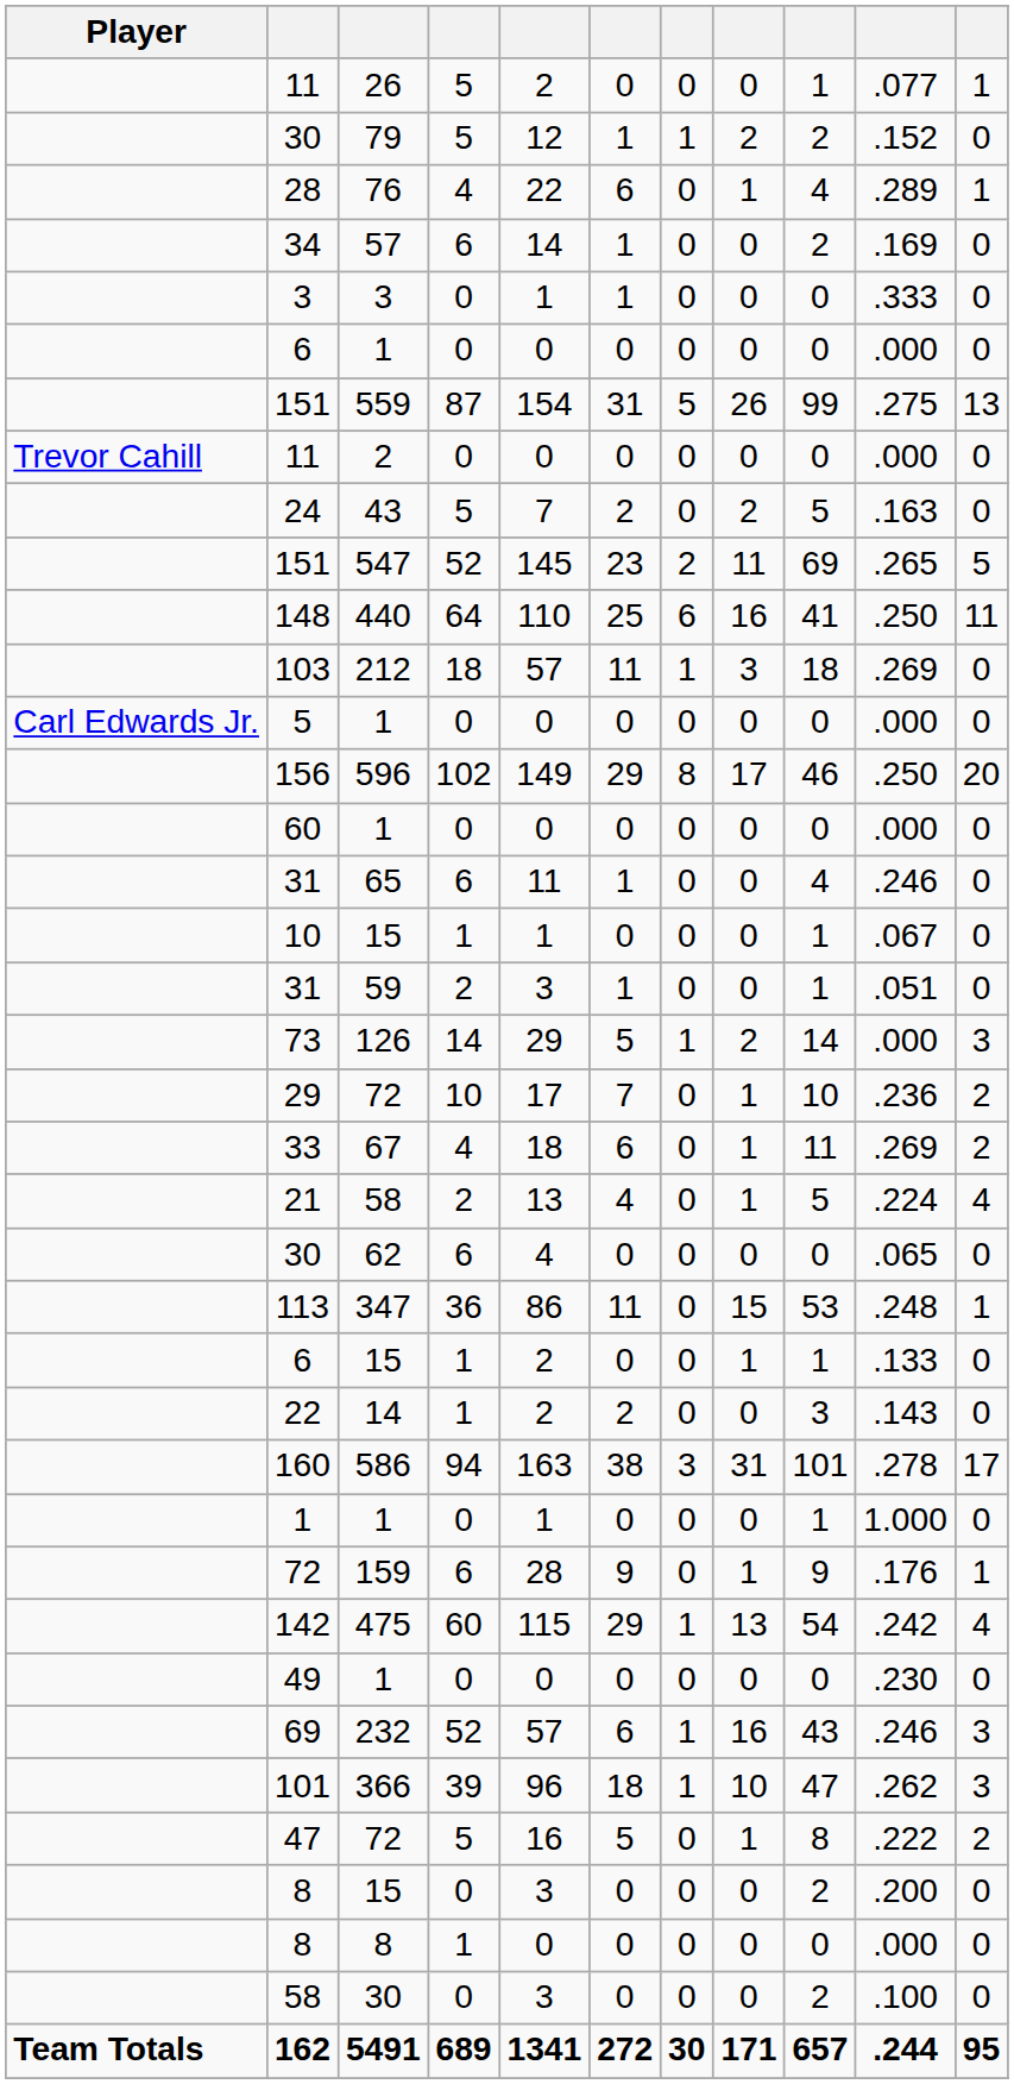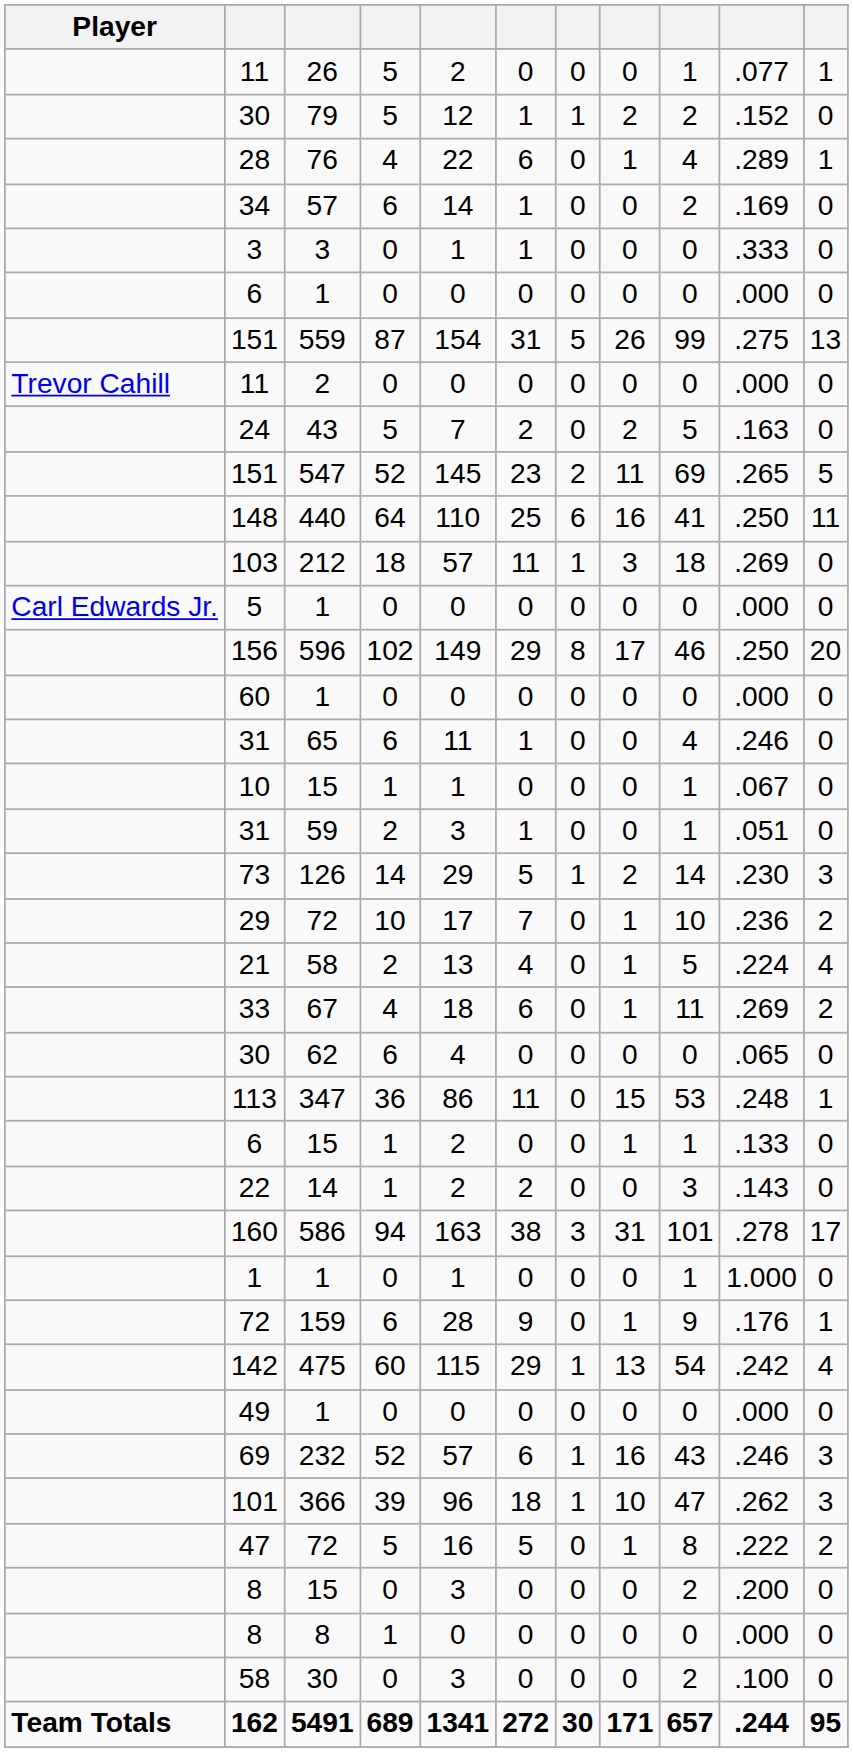 <table class="wikitable sortable" style="text-align:center;">
 <tr>
 <th>Player</th>
 <th></th>
 <th></th>
 <th></th>
 <th></th>
 <th></th>
 <th></th>
 <th></th>
 <th></th>
 <th></th>
 <th></th>
 </tr>
 <tr>
 <td align=left></td>
 <td>11</td>
 <td>26</td>
 <td>5</td>
 <td>2</td>
 <td>0</td>
 <td>0</td>
 <td>0</td>
 <td>1</td>
 <td>.077</td>
 <td>1</td>
 </tr>
 <tr>
 <td align=left></td>
 <td>30</td>
 <td>79</td>
 <td>5</td>
 <td>12</td>
 <td>1</td>
 <td>1</td>
 <td>2</td>
 <td>2</td>
 <td>.152</td>
 <td>0</td>
 </tr>
 <tr>
 <td align=left></td>
 <td>28</td>
 <td>76</td>
 <td>4</td>
 <td>22</td>
 <td>6</td>
 <td>0</td>
 <td>1</td>
 <td>4</td>
 <td>.289</td>
 <td>1</td>
 </tr>
 <tr>
 <td align=left></td>
 <td>34</td>
 <td>57</td>
 <td>6</td>
 <td>14</td>
 <td>1</td>
 <td>0</td>
 <td>0</td>
 <td>2</td>
 <td>.169</td>
 <td>0</td>
 </tr>
 <tr>
 <td align=left></td>
 <td>3</td>
 <td>3</td>
 <td>0</td>
 <td>1</td>
 <td>1</td>
 <td>0</td>
 <td>0</td>
 <td>0</td>
 <td>.333</td>
 <td>0</td>
 </tr>
 <tr>
 <td align=left></td>
 <td>6</td>
 <td>1</td>
 <td>0</td>
 <td>0</td>
 <td>0</td>
 <td>0</td>
 <td>0</td>
 <td>0</td>
 <td>.000</td>
 <td>0</td>
 </tr>
 <tr>
 <td align=left></td>
 <td>151</td>
 <td>559</td>
 <td>87</td>
 <td>154</td>
 <td>31</td>
 <td>5</td>
 <td>26</td>
 <td>99</td>
 <td>.275</td>
 <td>13</td>
 </tr>
 <tr>
 <td align=left><a href='#'>Trevor Cahill</a></td>
 <td>11</td>
 <td>2</td>
 <td>0</td>
 <td>0</td>
 <td>0</td>
 <td>0</td>
 <td>0</td>
 <td>0</td>
 <td>.000</td>
 <td>0</td>
 </tr>
 <tr>
 <td align=left></td>
 <td>24</td>
 <td>43</td>
 <td>5</td>
 <td>7</td>
 <td>2</td>
 <td>0</td>
 <td>2</td>
 <td>5</td>
 <td>.163</td>
 <td>0</td>
 </tr>
 <tr>
 <td align=left></td>
 <td>151</td>
 <td>547</td>
 <td>52</td>
 <td>145</td>
 <td>23</td>
 <td>2</td>
 <td>11</td>
 <td>69</td>
 <td>.265</td>
 <td>5</td>
 </tr>
 <tr>
 <td align=left></td>
 <td>148</td>
 <td>440</td>
 <td>64</td>
 <td>110</td>
 <td>25</td>
 <td>6</td>
 <td>16</td>
 <td>41</td>
 <td>.250</td>
 <td>11</td>
 </tr>
 <tr>
 <td align=left></td>
 <td>103</td>
 <td>212</td>
 <td>18</td>
 <td>57</td>
 <td>11</td>
 <td>1</td>
 <td>3</td>
 <td>18</td>
 <td>.269</td>
 <td>0</td>
 </tr>
 <tr>
 <td align=left><a href='#'>Carl Edwards Jr.</a></td>
 <td>5</td>
 <td>1</td>
 <td>0</td>
 <td>0</td>
 <td>0</td>
 <td>0</td>
 <td>0</td>
 <td>0</td>
 <td>.000</td>
 <td>0</td>
 </tr>
 <tr>
 <td align=left></td>
 <td>156</td>
 <td>596</td>
 <td>102</td>
 <td>149</td>
 <td>29</td>
 <td>8</td>
 <td>17</td>
 <td>46</td>
 <td>.250</td>
 <td>20</td>
 </tr>
 <tr>
 <td align=left></td>
 <td>60</td>
 <td>1</td>
 <td>0</td>
 <td>0</td>
 <td>0</td>
 <td>0</td>
 <td>0</td>
 <td>0</td>
 <td>.000</td>
 <td>0</td>
 </tr>
 <tr>
 <td align=left></td>
 <td>31</td>
 <td>65</td>
 <td>6</td>
 <td>11</td>
 <td>1</td>
 <td>0</td>
 <td>0</td>
 <td>4</td>
 <td>.246</td>
 <td>0</td>
 </tr>
 <tr>
 <td align=left></td>
 <td>10</td>
 <td>15</td>
 <td>1</td>
 <td>1</td>
 <td>0</td>
 <td>0</td>
 <td>0</td>
 <td>1</td>
 <td>.067</td>
 <td>0</td>
 </tr>
 <tr>
 <td align=left></td>
 <td>31</td>
 <td>59</td>
 <td>2</td>
 <td>3</td>
 <td>1</td>
 <td>0</td>
 <td>0</td>
 <td>1</td>
 <td>.051</td>
 <td>0</td>
 </tr>
 <tr>
 <td align=left></td>
 <td>73</td>
 <td>126</td>
 <td>14</td>
 <td>29</td>
 <td>5</td>
 <td>1</td>
 <td>2</td>
 <td>14</td>
-<td>.000</td>
+<td>.230</td>
 <td>3</td>
 </tr>
 <tr>
 <td align=left></td>
 <td>29</td>
 <td>72</td>
 <td>10</td>
 <td>17</td>
 <td>7</td>
 <td>0</td>
 <td>1</td>
 <td>10</td>
 <td>.236</td>
 <td>2</td>
 </tr>
 <tr>
 <td align=left></td>
+<td>21</td>
+<td>58</td>
+<td>2</td>
+<td>13</td>
+<td>4</td>
+<td>0</td>
+<td>1</td>
+<td>5</td>
+<td>.224</td>
+<td>4</td>
+</tr>
+<tr>
+<td align=left></td>
 <td>33</td>
 <td>67</td>
 <td>4</td>
 <td>18</td>
 <td>6</td>
 <td>0</td>
 <td>1</td>
 <td>11</td>
 <td>.269</td>
 <td>2</td>
-</tr>
-<tr>
-<td align=left></td>
-<td>21</td>
-<td>58</td>
-<td>2</td>
-<td>13</td>
-<td>4</td>
-<td>0</td>
-<td>1</td>
-<td>5</td>
-<td>.224</td>
-<td>4</td>
 </tr>
 <tr>
 <td align=left></td>
 <td>30</td>
 <td>62</td>
 <td>6</td>
 <td>4</td>
 <td>0</td>
 <td>0</td>
 <td>0</td>
 <td>0</td>
 <td>.065</td>
 <td>0</td>
 </tr>
 <tr>
 <td align=left></td>
 <td>113</td>
 <td>347</td>
 <td>36</td>
 <td>86</td>
 <td>11</td>
 <td>0</td>
 <td>15</td>
 <td>53</td>
 <td>.248</td>
 <td>1</td>
 </tr>
 <tr>
 <td align=left></td>
 <td>6</td>
 <td>15</td>
 <td>1</td>
 <td>2</td>
 <td>0</td>
 <td>0</td>
 <td>1</td>
 <td>1</td>
 <td>.133</td>
 <td>0</td>
 </tr>
 <tr>
 <td align=left></td>
 <td>22</td>
 <td>14</td>
 <td>1</td>
 <td>2</td>
 <td>2</td>
 <td>0</td>
 <td>0</td>
 <td>3</td>
 <td>.143</td>
 <td>0</td>
 </tr>
 <tr>
 <td align=left></td>
 <td>160</td>
 <td>586</td>
 <td>94</td>
 <td>163</td>
 <td>38</td>
 <td>3</td>
 <td>31</td>
 <td>101</td>
 <td>.278</td>
 <td>17</td>
 </tr>
 <tr>
 <td align=left></td>
 <td>1</td>
 <td>1</td>
 <td>0</td>
 <td>1</td>
 <td>0</td>
 <td>0</td>
 <td>0</td>
 <td>1</td>
 <td>1.000</td>
 <td>0</td>
 </tr>
 <tr>
 <td align=left></td>
 <td>72</td>
 <td>159</td>
 <td>6</td>
 <td>28</td>
 <td>9</td>
 <td>0</td>
 <td>1</td>
 <td>9</td>
 <td>.176</td>
 <td>1</td>
 </tr>
 <tr>
 <td align=left></td>
 <td>142</td>
 <td>475</td>
 <td>60</td>
 <td>115</td>
 <td>29</td>
 <td>1</td>
 <td>13</td>
 <td>54</td>
 <td>.242</td>
 <td>4</td>
 </tr>
 <tr>
 <td align=left></td>
 <td>49</td>
 <td>1</td>
 <td>0</td>
 <td>0</td>
 <td>0</td>
 <td>0</td>
 <td>0</td>
 <td>0</td>
-<td>.230</td>
+<td>.000</td>
 <td>0</td>
 </tr>
 <tr>
 <td align=left></td>
 <td>69</td>
 <td>232</td>
 <td>52</td>
 <td>57</td>
 <td>6</td>
 <td>1</td>
 <td>16</td>
 <td>43</td>
 <td>.246</td>
 <td>3</td>
 </tr>
 <tr>
 <td align=left></td>
 <td>101</td>
 <td>366</td>
 <td>39</td>
 <td>96</td>
 <td>18</td>
 <td>1</td>
 <td>10</td>
 <td>47</td>
 <td>.262</td>
 <td>3</td>
 </tr>
 <tr>
 <td align=left></td>
 <td>47</td>
 <td>72</td>
 <td>5</td>
 <td>16</td>
 <td>5</td>
 <td>0</td>
 <td>1</td>
 <td>8</td>
 <td>.222</td>
 <td>2</td>
 </tr>
 <tr>
 <td align=left></td>
 <td>8</td>
 <td>15</td>
 <td>0</td>
 <td>3</td>
 <td>0</td>
 <td>0</td>
 <td>0</td>
 <td>2</td>
 <td>.200</td>
 <td>0</td>
 </tr>
 <tr>
 <td align=left></td>
 <td>8</td>
 <td>8</td>
 <td>1</td>
 <td>0</td>
 <td>0</td>
 <td>0</td>
 <td>0</td>
 <td>0</td>
 <td>.000</td>
 <td>0</td>
 </tr>
 <tr>
 <td align=left></td>
 <td>58</td>
 <td>30</td>
 <td>0</td>
 <td>3</td>
 <td>0</td>
 <td>0</td>
 <td>0</td>
 <td>2</td>
 <td>.100</td>
 <td>0</td>
 </tr>
 <tr>
 <td align=left><strong>Team Totals</strong></td>
 <td><strong>162</strong></td>
 <td><strong>5491</strong></td>
 <td><strong>689</strong></td>
 <td><strong>1341</strong></td>
 <td><strong>272</strong></td>
 <td><strong>30</strong></td>
 <td><strong>171</strong></td>
 <td><strong>657</strong></td>
 <td><strong>.244</strong></td>
 <td><strong>95</strong></td>
 </tr>
 <tr class="sortbottom|}">
 </tr>
 </table>
